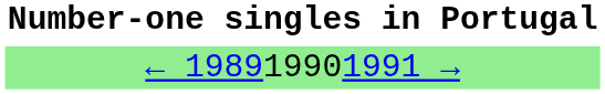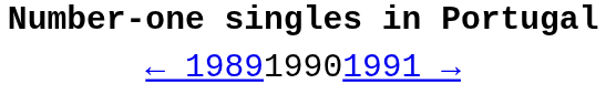 <table class="toc" id="toc" summary="Contents">
 <tr>
 <th>Number-one singles in Portugal</th>
 </tr>
 <tr>
-<td align="center" style="background: lightgreen;"><a href='#'>← 1989</a>1990<a href='#'>1991 →</a></td>
+<td align="center"><a href='#'>← 1989</a>1990<a href='#'>1991 →</a></td>
 </tr>
 </table>
